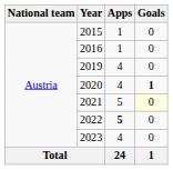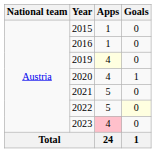 <table class="wikitable" style="text-align:center">
 <tr>
 <th>National team</th>
 <th>Year</th>
 <th>Apps</th>
 <th>Goals</th>
 </tr>
 <tr>
 <td rowspan="7"><a href='#'>Austria</a></td>
 <td>2015</td>
 <td>1</td>
 <td>0</td>
 </tr>
 <tr>
 <td>2016</td>
 <td>1</td>
 <td>0</td>
 </tr>
 <tr>
 <td>2019</td>
-<td>4</td>
+<td style="background: lightyellow;">4</td>
 <td>0</td>
 </tr>
 <tr>
 <td>2020</td>
 <td>4</td>
-<td><strong>1</strong></td>
+<td>1</td>
 </tr>
 <tr>
 <td>2021</td>
 <td>5</td>
+<td>0</td>
+</tr>
+<tr>
+<td>2022</td>
+<td>5</td>
 <td style="background: lightyellow;">0</td>
 </tr>
 <tr>
-<td>2022</td>
-<td><strong>5</strong></td>
-<td>0</td>
-</tr>
-<tr>
 <td>2023</td>
-<td>4</td>
+<td style="background: pink;">4</td>
 <td>0</td>
 </tr>
 <tr>
 <th colspan="2">Total</th>
 <th>24</th>
 <th>1</th>
 </tr>
 </table>
